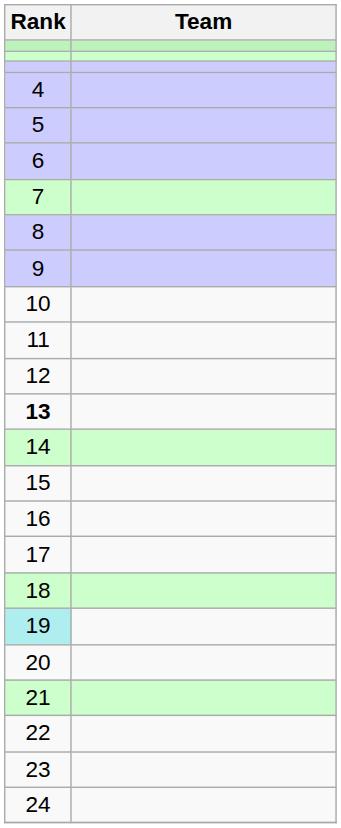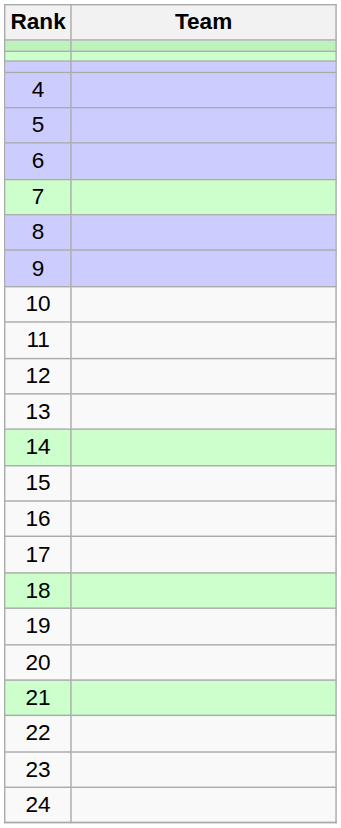 <table class="wikitable">
 <tr>
 <th style="width: 40px;">Rank</th>
 <th style="width: 180px;">Team</th>
 </tr>
 <tr style="background: #BBF3BB;">
 <td align=center></td>
 <td></td>
 </tr>
 <tr style="background: #CCFFCC;">
 <td align=center></td>
 <td></td>
 </tr>
 <tr style="background: #CCCCFF;">
 <td align=center></td>
 <td></td>
 </tr>
 <tr style="background: #CCCCFF;">
 <td align=center>4</td>
 <td></td>
 </tr>
 <tr style="background: #CCCCFF;">
 <td align=center>5</td>
 <td></td>
 </tr>
 <tr style="background: #CCCCFF;">
 <td align=center>6</td>
 <td></td>
 </tr>
 <tr style="background: #CCFFCC;">
 <td align=center>7</td>
 <td></td>
 </tr>
 <tr style="background: #CCCCFF;">
 <td align=center>8</td>
 <td></td>
 </tr>
 <tr style="background: #CCCCFF;">
 <td align=center>9</td>
 <td></td>
 </tr>
 <tr>
 <td align=center>10</td>
 <td></td>
 </tr>
 <tr>
 <td align=center>11</td>
 <td></td>
 </tr>
 <tr>
 <td align=center>12</td>
 <td></td>
 </tr>
 <tr>
-<td align=center><strong>13</strong></td>
+<td align=center>13</td>
 <td></td>
 </tr>
 <tr style="background: #CCFFCC;">
 <td align=center>14</td>
 <td></td>
 </tr>
 <tr>
 <td align=center>15</td>
 <td></td>
 </tr>
 <tr>
 <td align=center>16</td>
 <td></td>
 </tr>
 <tr>
 <td align=center>17</td>
 <td></td>
 </tr>
 <tr style="background: #CCFFCC;">
 <td align=center>18</td>
 <td></td>
 </tr>
 <tr>
-<td align=center style="background: paleturquoise;">19</td>
+<td align=center>19</td>
 <td></td>
 </tr>
 <tr>
 <td align=center>20</td>
 <td></td>
 </tr>
 <tr style="background: #CCFFCC;">
 <td align=center>21</td>
 <td></td>
 </tr>
 <tr>
 <td align=center>22</td>
 <td></td>
 </tr>
 <tr>
 <td align=center>23</td>
 <td></td>
 </tr>
 <tr>
 <td align=center>24</td>
 <td></td>
 </tr>
 <tr>
 </tr>
 </table>
